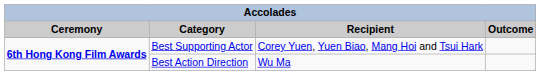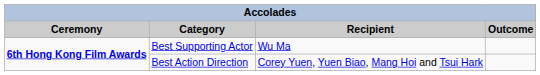 <table class="wikitable" style="font-size:95%;" ;>
 <tr style="background:#ccc; text-align:center;">
 <th colspan="4" style="background: LightSteelBlue;">Accolades</th>
 </tr>
 <tr style="background:#ccc; text-align:center;">
 <th style="background:#ccc">Ceremony</th>
 <th style="background:#ccc">Category</th>
 <th style="background:#ccc">Recipient</th>
 <th style="background:#ccc">Outcome</th>
 </tr>
 <tr>
 <td rowspan="2"><strong><a href='#'>6th Hong Kong Film Awards</a></strong></td>
 <td><a href='#'>Best Supporting Actor</a></td>
-<td><a href='#'>Corey Yuen</a>, <a href='#'>Yuen Biao</a>, <a href='#'>Mang Hoi</a> and <a href='#'>Tsui Hark</a></td>
+<td><a href='#'>Wu Ma</a></td>
 <td></td>
 </tr>
 <tr>
 <td><a href='#'>Best Action Direction</a></td>
-<td><a href='#'>Wu Ma</a></td>
+<td><a href='#'>Corey Yuen</a>, <a href='#'>Yuen Biao</a>, <a href='#'>Mang Hoi</a> and <a href='#'>Tsui Hark</a></td>
 <td></td>
 </tr>
 </table>
